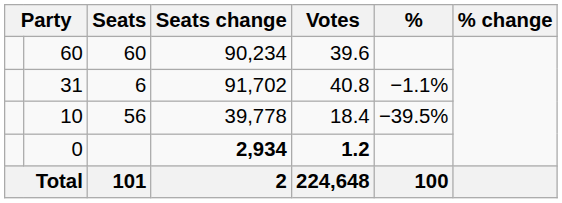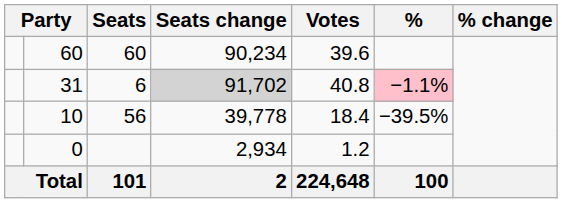 <table class="wikitable sortable">
 <tr>
 <th colspan=2>Party</th>
 <th>Seats</th>
 <th>Seats change</th>
 <th>Votes</th>
 <th>%</th>
 <th>% change</th>
 </tr>
 <tr>
 <td></td>
 <td align=right>60</td>
 <td align=right>60</td>
 <td align=right>90,234</td>
 <td align=right>39.6</td>
 <td align=right></td>
 </tr>
 <tr>
 <td></td>
 <td align=right>31</td>
 <td align=right>6</td>
-<td align=right>91,702</td>
+<td align=right style="background: lightgrey;">91,702</td>
 <td align=right>40.8</td>
-<td align=right>−1.1%</td>
+<td align=right style="background: pink;">−1.1%</td>
 </tr>
 <tr>
 <td></td>
 <td align=right>10</td>
 <td align=right>56</td>
 <td align=right>39,778</td>
 <td align=right>18.4</td>
 <td align=right>−39.5%</td>
 </tr>
 <tr>
 <td></td>
 <td align=right>0</td>
 <td align=right></td>
-<td align=right><strong>2,934</strong></td>
-<td align=right><strong>1.2</strong></td>
+<td align=right>2,934</td>
+<td align=right>1.2</td>
 <td align=right></td>
 </tr>
 <tr class="sortbottom" style="font-weight: bold; text-align: right; background: #f2f2f2;">
 <th colspan="2" style="padding-left: 1.5em; text-align: left;">Total</th>
 <td align=right>101</td>
 <td align=right>2</td>
 <td align=right>224,648</td>
 <td align=right>100</td>
 <td align=right></td>
 </tr>
 </table>
